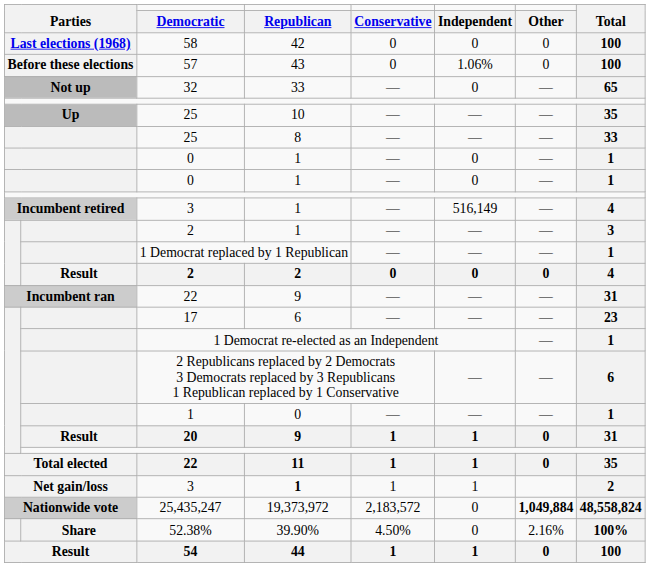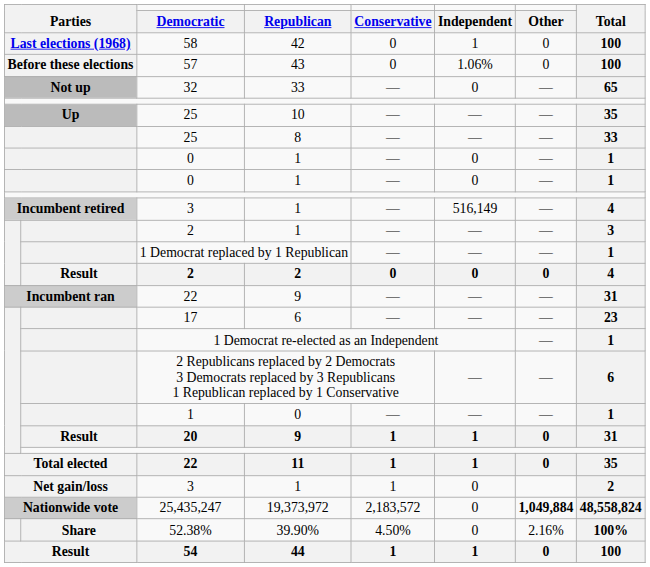 <table class=wikitable style=text-align:center>
 <tr valign=bottom>
 <th rowspan=2 colspan=2>Parties</th>
 <td style="background-color:"></td>
 <td style="background-color:"></td>
 <td style="background-color:"></td>
 <td style="background-color:"></td>
 <td style="background-color:"></td>
 <th rowspan=2>Total</th>
 </tr>
 <tr valign=bottom>
 <th><a href='#'>Democratic</a></th>
 <th><a href='#'>Republican</a></th>
 <th><a href='#'>Conservative</a></th>
 <th>Independent</th>
 <th>Other</th>
 </tr>
 <tr>
 <th colspan=2><a href='#'>Last elections (1968)</a></th>
 <td>58</td>
 <td>42</td>
 <td>0</td>
-<td>0</td>
+<td> 1</td>
 <td>0</td>
 <th>100</th>
 </tr>
 <tr>
 <th colspan=2>Before these elections</th>
 <td>57</td>
 <td>43</td>
 <td>0</td>
 <td>1.06%</td>
 <td>0</td>
 <th>100</th>
 </tr>
 <tr>
 <th colspan=2 style="background:#bbb">Not up</th>
 <td>32</td>
 <td>33</td>
 <td>—</td>
 <td>0</td>
 <td>—</td>
 <th>65</th>
 </tr>
 <tr>
 <td colspan=100></td>
 </tr>
 <tr>
 <th colspan=2 style="background:#bbb">Up</th>
 <td>25</td>
 <td>10</td>
 <td>—</td>
 <td>—</td>
 <td>—</td>
 <th>35</th>
 </tr>
 <tr>
 <th colspan=2></th>
 <td>25</td>
 <td>8</td>
 <td>—</td>
 <td>—</td>
 <td>—</td>
 <th>33</th>
 </tr>
 <tr>
 <th colspan=2></th>
 <td>0</td>
 <td>1</td>
 <td>—</td>
 <td>0</td>
 <td>—</td>
 <th>1</th>
 </tr>
 <tr>
 <th colspan=2></th>
 <td>0</td>
 <td>1</td>
 <td>—</td>
 <td>0</td>
 <td>—</td>
 <th>1</th>
 </tr>
 <tr>
 <td colspan=100></td>
 </tr>
 <tr>
 <th colspan=2 style="background:#ccc">Incumbent retired</th>
 <td>3</td>
 <td>1</td>
 <td>—</td>
 <td>516,149</td>
 <td>—</td>
 <th>4</th>
 </tr>
 <tr>
 <th rowspan=3></th>
 <th></th>
 <td>2</td>
 <td>1</td>
 <td>—</td>
 <td>—</td>
 <td>—</td>
 <th>3</th>
 </tr>
 <tr>
 <th></th>
 <td colspan=2 > 1 Democrat replaced by  1 Republican</td>
 <td>—</td>
 <td>—</td>
 <td>—</td>
 <th>1</th>
 </tr>
 <tr>
 <th>Result</th>
 <th>2</th>
 <th>2</th>
 <th>0</th>
 <th>0</th>
 <th>0</th>
 <th>4</th>
 </tr>
 <tr>
 <th colspan=2 style="background:#ccc">Incumbent ran</th>
 <td>22</td>
 <td>9</td>
 <td>—</td>
 <td>—</td>
 <td>—</td>
 <th>31</th>
 </tr>
 <tr>
 <th rowspan=6></th>
 <th></th>
 <td>17</td>
 <td>6</td>
 <td>—</td>
 <td>—</td>
 <td>—</td>
 <th>23</th>
 </tr>
 <tr>
 <th></th>
 <td colspan="4" > 1 Democrat re-elected as an  Independent</td>
 <td>—</td>
 <th>1</th>
 </tr>
 <tr>
 <th></th>
 <td colspan=3> 2 Republicans replaced by  2 Democrats<br> 3 Democrats replaced by  3 Republicans<br> 1 Republican replaced by  1 Conservative</td>
 <td>—</td>
 <td>—</td>
 <th>6</th>
 </tr>
 <tr>
 <th></th>
 <td>1</td>
 <td>0</td>
 <td>—</td>
 <td>—</td>
 <td>—</td>
 <th>1</th>
 </tr>
 <tr>
 <th>Result</th>
 <th>20</th>
 <th>9</th>
 <th>1</th>
 <th>1</th>
 <th>0</th>
 <th>31</th>
 </tr>
 <tr>
 <td colspan=100></td>
 </tr>
 <tr>
 <th colspan=2>Total elected</th>
 <th>22</th>
 <th>11</th>
 <th>1</th>
 <th>1</th>
 <th>0</th>
 <th>35</th>
 </tr>
 <tr>
 <th colspan=2>Net gain/loss</th>
 <td> 3</td>
-<td><strong> 1</strong></td>
 <td> 1</td>
 <td> 1</td>
+<td>0</td>
 <td></td>
 <th>2</th>
 </tr>
 <tr>
 <th colspan=2 style="background:#ccc">Nationwide vote</th>
 <td>25,435,247</td>
 <td>19,373,972</td>
 <td>2,183,572</td>
 <td>0</td>
 <td><strong>1,049,884</strong></td>
 <th>48,558,824</th>
 </tr>
 <tr>
 <th></th>
 <th>Share</th>
 <td>52.38%</td>
 <td>39.90%</td>
 <td>4.50%</td>
 <td>0</td>
 <td>2.16%</td>
 <th>100%</th>
 </tr>
 <tr>
 <th colspan=2>Result</th>
 <th>54</th>
 <th>44</th>
 <th>1</th>
 <th>1</th>
 <th>0</th>
 <th>100</th>
 </tr>
 </table>
